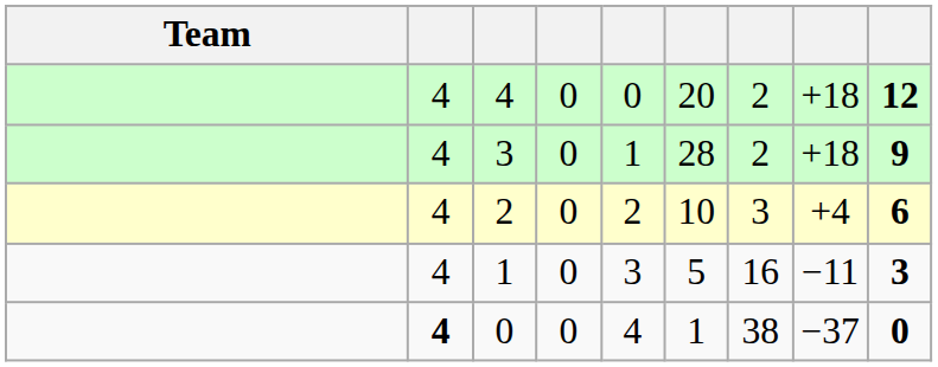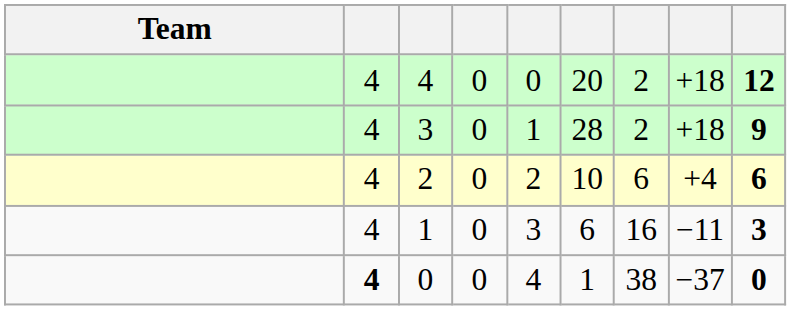 <table class="wikitable" style="text-align: center;">
 <tr>
 <th width=165>Team</th>
 <th width=20></th>
 <th width=20></th>
 <th width=20></th>
 <th width=20></th>
 <th width=20></th>
 <th width=20></th>
 <th width=20></th>
 <th width=20></th>
 </tr>
 <tr bgcolor=#ccffcc>
 <td style="text-align:left;"></td>
 <td>4</td>
 <td>4</td>
 <td>0</td>
 <td>0</td>
 <td>20</td>
 <td>2</td>
 <td>+18</td>
 <td><strong>12</strong></td>
 </tr>
 <tr bgcolor=#ccffcc>
 <td style="text-align:left;"></td>
 <td>4</td>
 <td>3</td>
 <td>0</td>
 <td>1</td>
 <td>28</td>
 <td>2</td>
 <td>+18</td>
 <td><strong>9</strong></td>
 </tr>
 <tr style="background-color: #ffc;">
 <td style="text-align:left;"></td>
 <td>4</td>
 <td>2</td>
 <td>0</td>
 <td>2</td>
 <td>10</td>
-<td>3</td>
+<td>6</td>
 <td>+4</td>
 <td><strong>6</strong></td>
 </tr>
 <tr>
 <td style="text-align:left;"></td>
 <td>4</td>
 <td>1</td>
 <td>0</td>
 <td>3</td>
-<td>5</td>
+<td>6</td>
 <td>16</td>
 <td>−11</td>
 <td><strong>3</strong></td>
 </tr>
 <tr>
 <td style="text-align:left;"></td>
 <td><strong>4</strong></td>
 <td>0</td>
 <td>0</td>
 <td>4</td>
 <td>1</td>
 <td>38</td>
 <td>−37</td>
 <td><strong>0</strong></td>
 </tr>
 </table>
